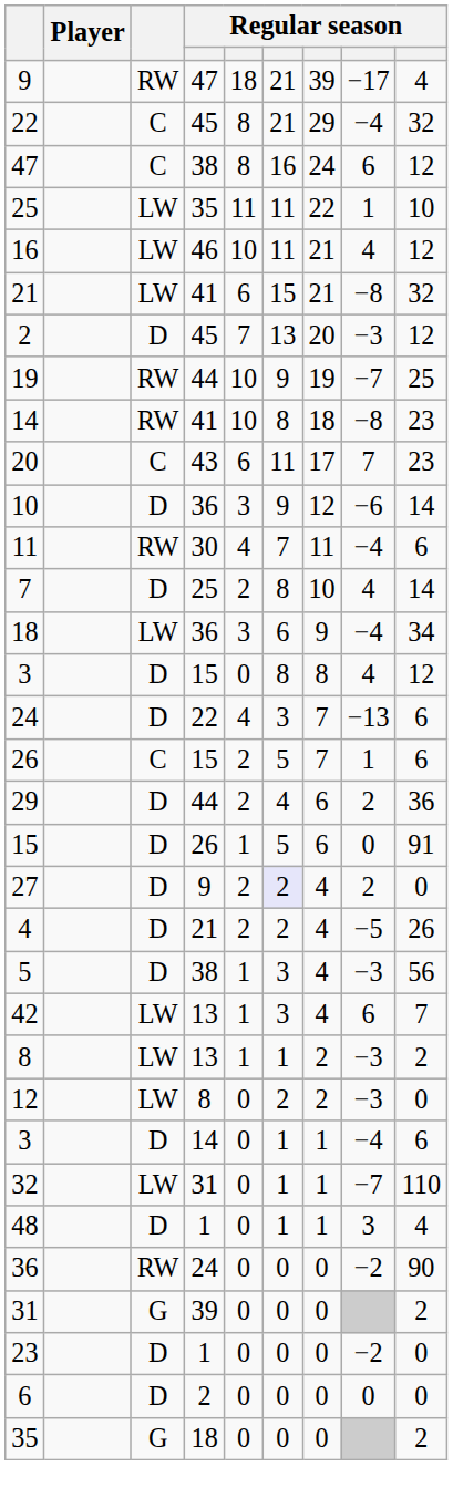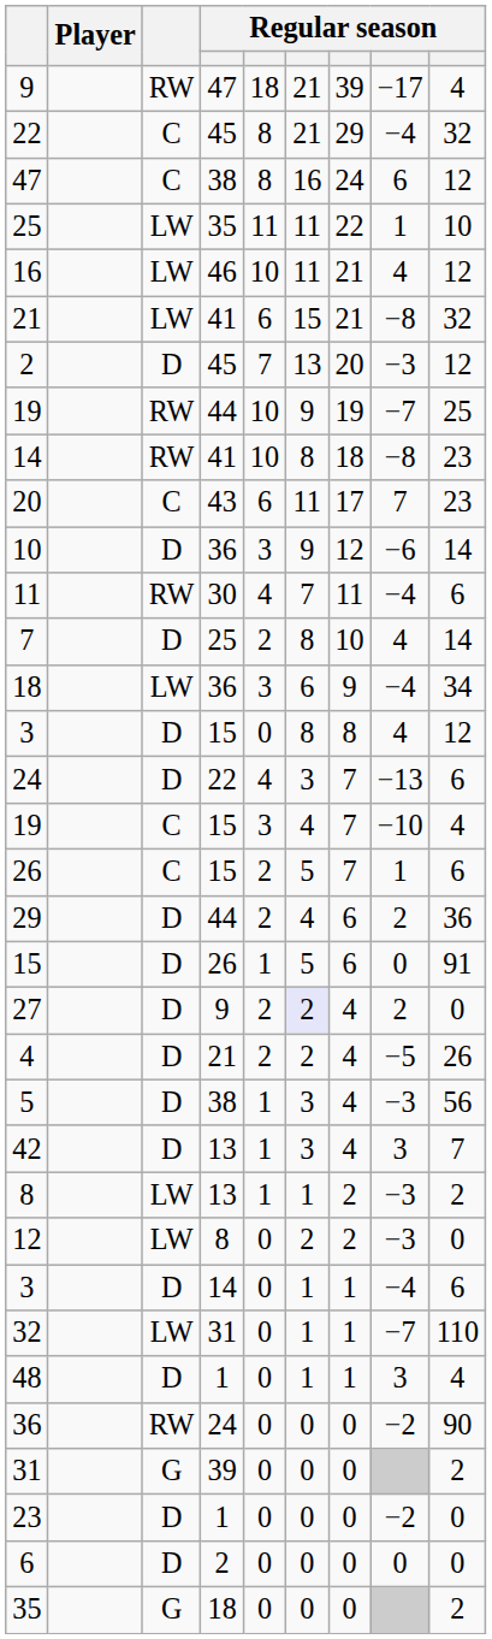 <table class="wikitable sortable plainrowheaders" style="text-align:center;">
 <tr>
 <th scope="col" data-sort-type="number" rowspan="2"></th>
 <th scope="col" rowspan="2">Player</th>
 <th scope="col" rowspan="2"></th>
 <th scope=colgroup colspan=6>Regular season</th>
 </tr>
 <tr>
 <th scope="col" data-sort-type="number"></th>
 <th scope="col" data-sort-type="number"></th>
 <th scope="col" data-sort-type="number"></th>
 <th scope="col" data-sort-type="number"></th>
 <th scope="col" data-sort-type="number"></th>
 <th scope="col" data-sort-type="number"></th>
 </tr>
 <tr>
 <td scope="row">9</td>
 <td align="left"></td>
 <td>RW</td>
 <td>47</td>
 <td>18</td>
 <td>21</td>
 <td>39</td>
 <td>−17</td>
 <td>4</td>
 </tr>
 <tr>
 <td scope="row">22</td>
 <td align="left"></td>
 <td>C</td>
 <td>45</td>
 <td>8</td>
 <td>21</td>
 <td>29</td>
 <td>−4</td>
 <td>32</td>
 </tr>
 <tr>
 <td scope="row">47</td>
 <td align="left"></td>
 <td>C</td>
 <td>38</td>
 <td>8</td>
 <td>16</td>
 <td>24</td>
 <td>6</td>
 <td>12</td>
 </tr>
 <tr>
 <td scope="row">25</td>
 <td align="left"></td>
 <td>LW</td>
 <td>35</td>
 <td>11</td>
 <td>11</td>
 <td>22</td>
 <td>1</td>
 <td>10</td>
 </tr>
 <tr>
 <td scope="row">16</td>
 <td align="left"></td>
 <td>LW</td>
 <td>46</td>
 <td>10</td>
 <td>11</td>
 <td>21</td>
 <td>4</td>
 <td>12</td>
 </tr>
 <tr>
 <td scope="row">21</td>
 <td align="left"></td>
 <td>LW</td>
 <td>41</td>
 <td>6</td>
 <td>15</td>
 <td>21</td>
 <td>−8</td>
 <td>32</td>
 </tr>
 <tr>
 <td scope="row">2</td>
 <td align="left"></td>
 <td>D</td>
 <td>45</td>
 <td>7</td>
 <td>13</td>
 <td>20</td>
 <td>−3</td>
 <td>12</td>
 </tr>
 <tr>
 <td scope="row">19</td>
 <td align="left"></td>
 <td>RW</td>
 <td>44</td>
 <td>10</td>
 <td>9</td>
 <td>19</td>
 <td>−7</td>
 <td>25</td>
 </tr>
 <tr>
 <td scope="row">14</td>
 <td align="left"></td>
 <td>RW</td>
 <td>41</td>
 <td>10</td>
 <td>8</td>
 <td>18</td>
 <td>−8</td>
 <td>23</td>
 </tr>
 <tr>
 <td scope="row">20</td>
 <td align="left"></td>
 <td>C</td>
 <td>43</td>
 <td>6</td>
 <td>11</td>
 <td>17</td>
 <td>7</td>
 <td>23</td>
 </tr>
 <tr>
 <td scope="row">10</td>
 <td align="left"></td>
 <td>D</td>
 <td>36</td>
 <td>3</td>
 <td>9</td>
 <td>12</td>
 <td>−6</td>
 <td>14</td>
 </tr>
 <tr>
 <td scope="row">11</td>
 <td align="left"></td>
 <td>RW</td>
 <td>30</td>
 <td>4</td>
 <td>7</td>
 <td>11</td>
 <td>−4</td>
 <td>6</td>
 </tr>
 <tr>
 <td scope="row">7</td>
 <td align="left"></td>
 <td>D</td>
 <td>25</td>
 <td>2</td>
 <td>8</td>
 <td>10</td>
 <td>4</td>
 <td>14</td>
 </tr>
 <tr>
 <td scope="row">18</td>
 <td align="left"></td>
 <td>LW</td>
 <td>36</td>
 <td>3</td>
 <td>6</td>
 <td>9</td>
 <td>−4</td>
 <td>34</td>
 </tr>
 <tr>
 <td scope="row">3</td>
 <td align="left"></td>
 <td>D</td>
 <td>15</td>
 <td>0</td>
 <td>8</td>
 <td>8</td>
 <td>4</td>
 <td>12</td>
 </tr>
 <tr>
 <td scope="row">24</td>
 <td align="left"></td>
 <td>D</td>
 <td>22</td>
 <td>4</td>
 <td>3</td>
 <td>7</td>
 <td>−13</td>
 <td>6</td>
 </tr>
 <tr>
+<td scope="row">19</td>
+<td align="left"></td>
+<td>C</td>
+<td>15</td>
+<td>3</td>
+<td>4</td>
+<td>7</td>
+<td>−10</td>
+<td>4</td>
+</tr>
+<tr>
 <td scope="row">26</td>
 <td align="left"></td>
 <td>C</td>
 <td>15</td>
 <td>2</td>
 <td>5</td>
 <td>7</td>
 <td>1</td>
 <td>6</td>
 </tr>
 <tr>
 <td scope="row">29</td>
 <td align="left"></td>
 <td>D</td>
 <td>44</td>
 <td>2</td>
 <td>4</td>
 <td>6</td>
 <td>2</td>
 <td>36</td>
 </tr>
 <tr>
 <td scope="row">15</td>
 <td align="left"></td>
 <td>D</td>
 <td>26</td>
 <td>1</td>
 <td>5</td>
 <td>6</td>
 <td>0</td>
 <td>91</td>
 </tr>
 <tr>
 <td scope="row">27</td>
 <td align="left"></td>
 <td>D</td>
 <td>9</td>
 <td>2</td>
 <td style="background: lavender;">2</td>
 <td>4</td>
 <td>2</td>
 <td>0</td>
 </tr>
 <tr>
 <td scope="row">4</td>
 <td align="left"></td>
 <td>D</td>
 <td>21</td>
 <td>2</td>
 <td>2</td>
 <td>4</td>
 <td>−5</td>
 <td>26</td>
 </tr>
 <tr>
 <td scope="row">5</td>
 <td align="left"></td>
 <td>D</td>
 <td>38</td>
 <td>1</td>
 <td>3</td>
 <td>4</td>
 <td>−3</td>
 <td>56</td>
 </tr>
 <tr>
 <td scope="row">42</td>
 <td align="left"></td>
-<td>LW</td>
+<td>D</td>
 <td>13</td>
 <td>1</td>
 <td>3</td>
 <td>4</td>
-<td>6</td>
+<td>3</td>
 <td>7</td>
 </tr>
 <tr>
 <td scope="row">8</td>
 <td align="left"></td>
 <td>LW</td>
 <td>13</td>
 <td>1</td>
 <td>1</td>
 <td>2</td>
 <td>−3</td>
 <td>2</td>
 </tr>
 <tr>
 <td scope="row">12</td>
 <td align="left"></td>
 <td>LW</td>
 <td>8</td>
 <td>0</td>
 <td>2</td>
 <td>2</td>
 <td>−3</td>
 <td>0</td>
 </tr>
 <tr>
 <td scope="row">3</td>
 <td align="left"></td>
 <td>D</td>
 <td>14</td>
 <td>0</td>
 <td>1</td>
 <td>1</td>
 <td>−4</td>
 <td>6</td>
 </tr>
 <tr>
 <td scope="row">32</td>
 <td align="left"></td>
 <td>LW</td>
 <td>31</td>
 <td>0</td>
 <td>1</td>
 <td>1</td>
 <td>−7</td>
 <td>110</td>
 </tr>
 <tr>
 <td scope="row">48</td>
 <td align="left"></td>
 <td>D</td>
 <td>1</td>
 <td>0</td>
 <td>1</td>
 <td>1</td>
 <td>3</td>
 <td>4</td>
 </tr>
 <tr>
 <td scope="row">36</td>
 <td align="left"></td>
 <td>RW</td>
 <td>24</td>
 <td>0</td>
 <td>0</td>
 <td>0</td>
 <td>−2</td>
 <td>90</td>
 </tr>
 <tr>
 <td scope="row">31</td>
 <td align="left"></td>
 <td>G</td>
 <td>39</td>
 <td>0</td>
 <td>0</td>
 <td>0</td>
 <td style="background:#ccc"></td>
 <td>2</td>
 </tr>
 <tr>
 <td scope="row">23</td>
 <td align="left"></td>
 <td>D</td>
 <td>1</td>
 <td>0</td>
 <td>0</td>
 <td>0</td>
 <td>−2</td>
 <td>0</td>
 </tr>
 <tr>
 <td scope="row">6</td>
 <td align="left"></td>
 <td>D</td>
 <td>2</td>
 <td>0</td>
 <td>0</td>
 <td>0</td>
 <td>0</td>
 <td>0</td>
 </tr>
 <tr>
 <td scope="row">35</td>
 <td align="left"></td>
 <td>G</td>
 <td>18</td>
 <td>0</td>
 <td>0</td>
 <td>0</td>
 <td style="background:#ccc"></td>
 <td>2</td>
 </tr>
 </table>
